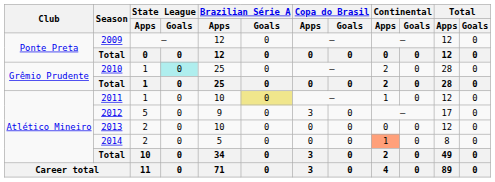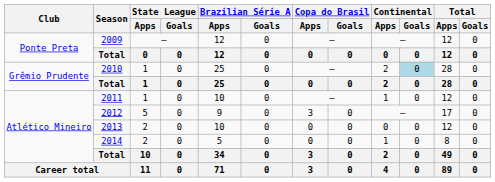 <table class="wikitable" style="text-align: center;">
 <tr>
 <th rowspan="2">Club</th>
 <th rowspan="2">Season</th>
 <th colspan="2">State League</th>
 <th colspan="2"><a href='#'>Brazilian Série A</a></th>
 <th colspan="2"><a href='#'>Copa do Brasil</a></th>
 <th colspan="2">Continental</th>
 <th colspan="2">Total</th>
 </tr>
 <tr>
 <th>Apps</th>
 <th>Goals</th>
 <th>Apps</th>
 <th>Goals</th>
 <th>Apps</th>
 <th>Goals</th>
 <th>Apps</th>
 <th>Goals</th>
 <th>Apps</th>
 <th>Goals</th>
 </tr>
 <tr>
 <td rowspan="2" valign="center"><a href='#'>Ponte Preta</a></td>
 <td><a href='#'>2009</a></td>
 <td colspan="2">—</td>
 <td>12</td>
 <td>0</td>
 <td colspan="2">—</td>
 <td colspan="2">—</td>
 <td>12</td>
 <td>0</td>
 </tr>
 <tr>
 <th><strong>Total</strong></th>
 <th>0</th>
 <th>0</th>
 <th>12</th>
 <th>0</th>
 <th>0</th>
 <th>0</th>
 <th>0</th>
 <th>0</th>
 <th>12</th>
 <th>0</th>
 </tr>
 <tr>
 <td rowspan="2" valign="center"><a href='#'>Grêmio Prudente</a></td>
 <td><a href='#'>2010</a></td>
 <td>1</td>
-<td style="background: paleturquoise;">0</td>
+<td>0</td>
 <td>25</td>
 <td>0</td>
 <td colspan="2">—</td>
 <td>2</td>
-<td>0</td>
+<td style="background: lightblue;">0</td>
 <td>28</td>
 <td>0</td>
 </tr>
 <tr>
 <th><strong>Total</strong></th>
 <th>1</th>
 <th>0</th>
 <th>25</th>
 <th>0</th>
 <th>0</th>
 <th>0</th>
 <th>2</th>
 <th>0</th>
 <th>28</th>
 <th>0</th>
 </tr>
 <tr>
 <td rowspan="5" valign="center"><a href='#'>Atlético Mineiro</a></td>
 <td><a href='#'>2011</a></td>
 <td>1</td>
 <td>0</td>
 <td>10</td>
-<td style="background: khaki;">0</td>
+<td>0</td>
 <td colspan="2">—</td>
 <td>1</td>
 <td>0</td>
 <td>12</td>
 <td>0</td>
 </tr>
 <tr>
 <td><a href='#'>2012</a></td>
 <td>5</td>
 <td>0</td>
 <td>9</td>
 <td>0</td>
 <td>3</td>
 <td>0</td>
 <td colspan="2">—</td>
 <td>17</td>
 <td>0</td>
 </tr>
 <tr>
 <td><a href='#'>2013</a></td>
 <td>2</td>
 <td>0</td>
 <td>10</td>
 <td>0</td>
 <td>0</td>
 <td>0</td>
 <td>0</td>
 <td>0</td>
 <td>12</td>
 <td>0</td>
 </tr>
 <tr>
 <td><a href='#'>2014</a></td>
 <td>2</td>
 <td>0</td>
 <td>5</td>
 <td>0</td>
 <td>0</td>
 <td>0</td>
-<td style="background: lightsalmon;">1</td>
+<td>1</td>
 <td>0</td>
 <td>8</td>
 <td>0</td>
 </tr>
 <tr>
 <th><strong>Total</strong></th>
 <th>10</th>
 <th>0</th>
 <th>34</th>
 <th>0</th>
 <th>3</th>
 <th>0</th>
 <th>2</th>
 <th>0</th>
 <th>49</th>
 <th>0</th>
 </tr>
 <tr>
 <th colspan="2"><strong>Career total</strong></th>
 <th>11</th>
 <th>0</th>
 <th>71</th>
 <th>0</th>
 <th>3</th>
 <th>0</th>
 <th>4</th>
 <th>0</th>
 <th>89</th>
 <th>0</th>
 </tr>
 </table>
